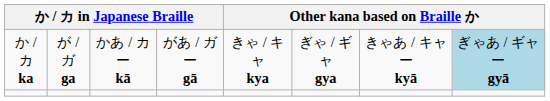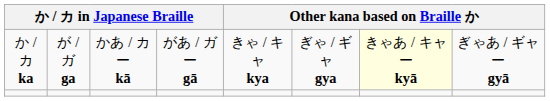 <table class="wikitable nowrap" style="text-align:center">
 <tr>
 <th colspan=4>か / カ in <a href='#'>Japanese Braille</a></th>
 <th colspan=4>Other kana based on <a href='#'>Braille</a> か</th>
 </tr>
 <tr>
 <td>か / カ <br><strong>ka</strong></td>
 <td>が / ガ <br><strong>ga</strong></td>
 <td>かあ / カー <br><strong>kā</strong></td>
 <td>があ / ガー <br><strong>gā</strong></td>
 <td>きゃ / キャ <br><strong>kya</strong></td>
 <td>ぎゃ / ギャ <br><strong>gya</strong></td>
-<td>きゃあ / キャー <br><strong>kyā</strong></td>
-<td style="background: lightblue;">ぎゃあ / ギャー <br><strong>gyā</strong></td>
+<td style="background: lightyellow;">きゃあ / キャー <br><strong>kyā</strong></td>
+<td>ぎゃあ / ギャー <br><strong>gyā</strong></td>
 </tr>
 <tr>
 <td></td>
 <td></td>
 <td></td>
 <td></td>
 <td></td>
 <td></td>
 <td></td>
 <td></td>
 </tr>
 </table>
